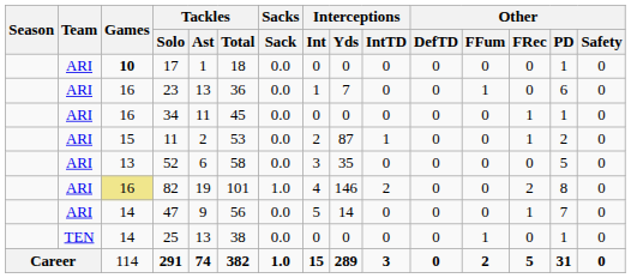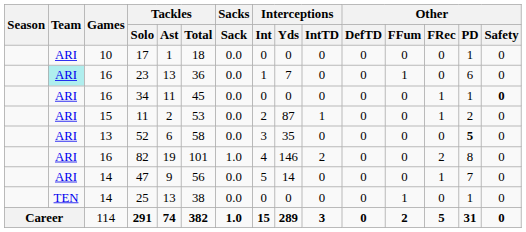 <table class="wikitable" style="text-align: center;">
 <tr>
 <th rowspan="2">Season</th>
 <th rowspan="2">Team</th>
 <th rowspan="2">Games</th>
 <th colspan="3">Tackles</th>
 <th>Sacks</th>
 <th colspan="3">Interceptions</th>
 <th colspan="5">Other</th>
 </tr>
 <tr>
 <th>Solo</th>
 <th>Ast</th>
 <th>Total</th>
 <th>Sack</th>
 <th>Int</th>
 <th>Yds</th>
 <th>IntTD</th>
 <th>DefTD</th>
 <th>FFum</th>
 <th>FRec</th>
 <th>PD</th>
 <th>Safety</th>
 </tr>
 <tr>
 <td></td>
 <td><a href='#'>ARI</a></td>
-<td><strong>10</strong></td>
+<td>10</td>
 <td>17</td>
 <td>1</td>
 <td>18</td>
 <td>0.0</td>
 <td>0</td>
 <td>0</td>
 <td>0</td>
 <td>0</td>
 <td>0</td>
 <td>0</td>
 <td>1</td>
 <td>0</td>
 </tr>
 <tr>
 <td></td>
-<td><a href='#'>ARI</a></td>
+<td style="background: paleturquoise;"><a href='#'>ARI</a></td>
 <td>16</td>
 <td>23</td>
 <td>13</td>
 <td>36</td>
 <td>0.0</td>
 <td>1</td>
 <td>7</td>
 <td>0</td>
 <td>0</td>
 <td>1</td>
 <td>0</td>
 <td>6</td>
 <td>0</td>
 </tr>
 <tr>
 <td></td>
 <td><a href='#'>ARI</a></td>
 <td>16</td>
 <td>34</td>
 <td>11</td>
 <td>45</td>
 <td>0.0</td>
 <td>0</td>
 <td>0</td>
 <td>0</td>
 <td>0</td>
 <td>0</td>
 <td>1</td>
 <td>1</td>
-<td>0</td>
+<td><strong>0</strong></td>
 </tr>
 <tr>
 <td></td>
 <td><a href='#'>ARI</a></td>
 <td>15</td>
 <td>11</td>
 <td>2</td>
 <td>53</td>
 <td>0.0</td>
 <td>2</td>
 <td>87</td>
 <td>1</td>
 <td>0</td>
 <td>0</td>
 <td>1</td>
 <td>2</td>
 <td>0</td>
 </tr>
 <tr>
 <td></td>
 <td><a href='#'>ARI</a></td>
 <td>13</td>
 <td>52</td>
 <td>6</td>
 <td>58</td>
 <td>0.0</td>
 <td>3</td>
 <td>35</td>
 <td>0</td>
 <td>0</td>
 <td>0</td>
 <td>0</td>
-<td>5</td>
+<td><strong>5</strong></td>
 <td>0</td>
 </tr>
 <tr>
 <td></td>
 <td><a href='#'>ARI</a></td>
-<td style="background: khaki;">16</td>
+<td>16</td>
 <td>82</td>
 <td>19</td>
 <td>101</td>
 <td>1.0</td>
 <td>4</td>
 <td>146</td>
 <td>2</td>
 <td>0</td>
 <td>0</td>
 <td>2</td>
 <td>8</td>
 <td>0</td>
 </tr>
 <tr>
 <td></td>
 <td><a href='#'>ARI</a></td>
 <td>14</td>
 <td>47</td>
 <td>9</td>
 <td>56</td>
 <td>0.0</td>
 <td>5</td>
 <td>14</td>
 <td>0</td>
 <td>0</td>
 <td>0</td>
 <td>1</td>
 <td>7</td>
 <td>0</td>
 </tr>
 <tr>
 <td></td>
 <td><a href='#'>TEN</a></td>
 <td>14</td>
 <td>25</td>
 <td>13</td>
 <td>38</td>
 <td>0.0</td>
 <td>0</td>
 <td>0</td>
 <td>0</td>
 <td>0</td>
 <td>1</td>
 <td>0</td>
 <td>1</td>
 <td>0</td>
 </tr>
 <tr>
 <th colspan="2">Career</th>
 <td>114</td>
 <td><strong>291</strong></td>
 <td><strong>74</strong></td>
 <td><strong>382</strong></td>
 <td><strong>1.0</strong></td>
 <td><strong>15</strong></td>
 <td><strong>289</strong></td>
 <td><strong>3</strong></td>
 <td><strong>0</strong></td>
 <td><strong>2</strong></td>
 <td><strong>5</strong></td>
 <td><strong>31</strong></td>
 <td><strong>0</strong></td>
 </tr>
 </table>
